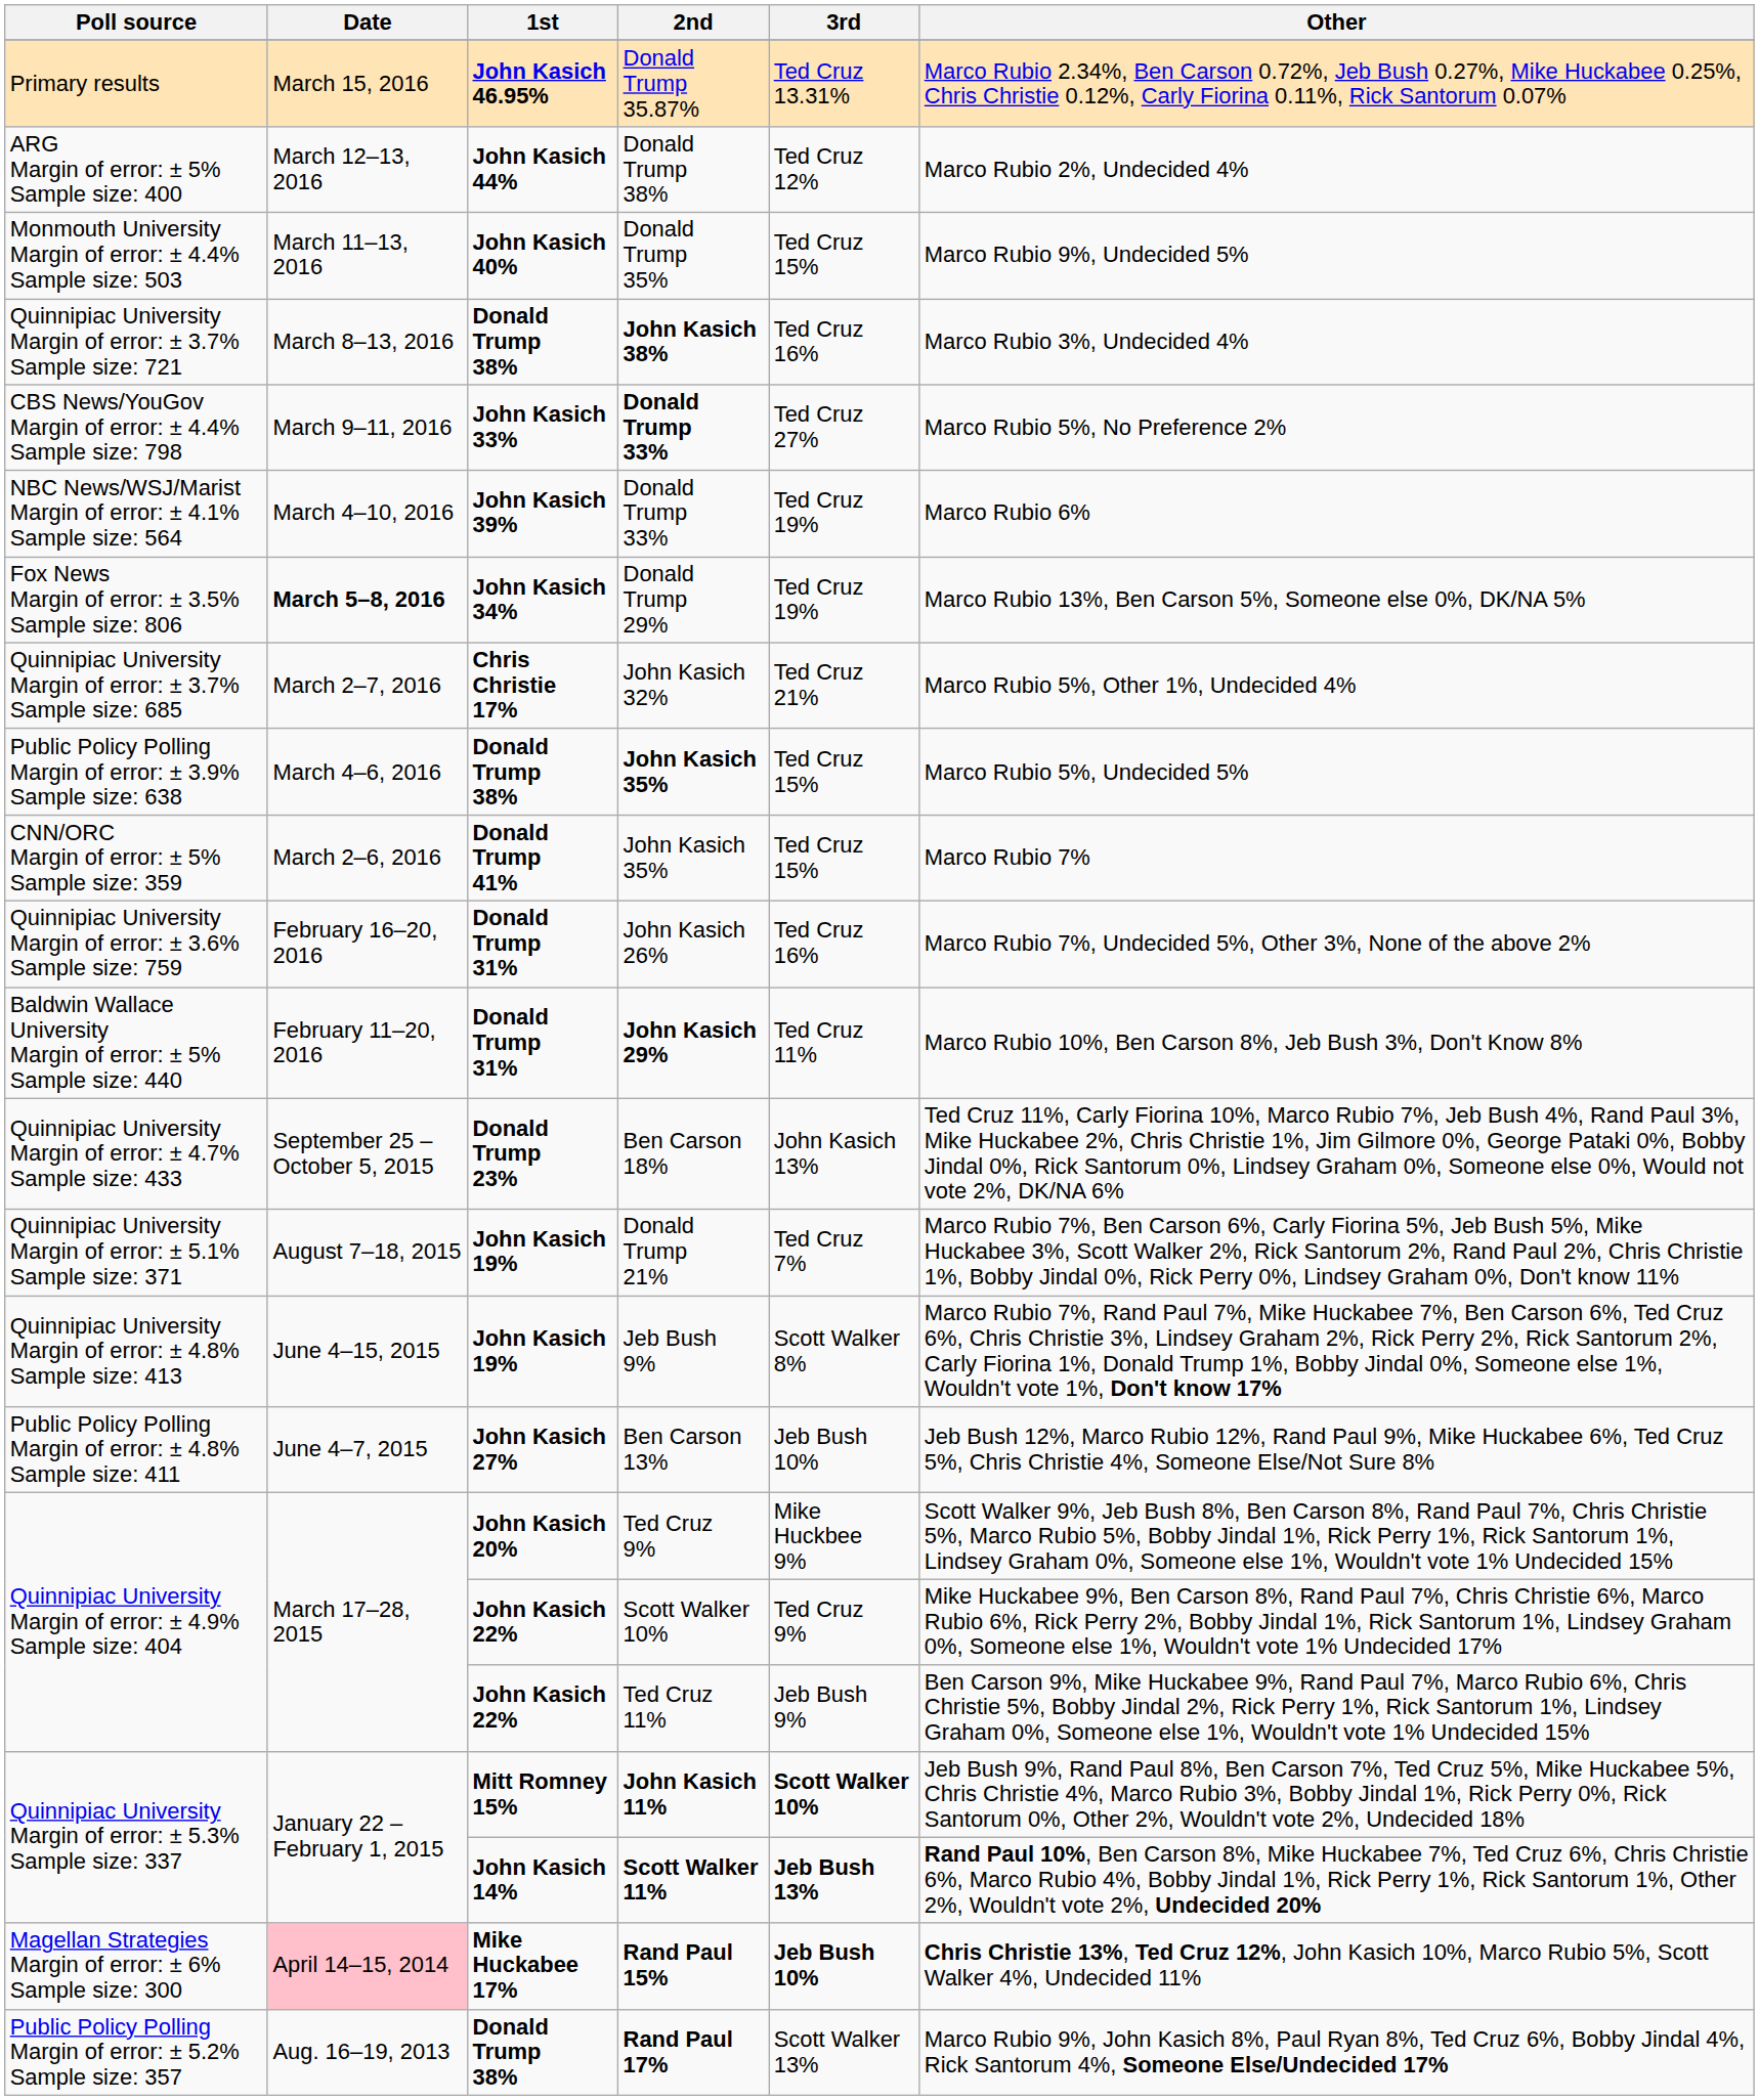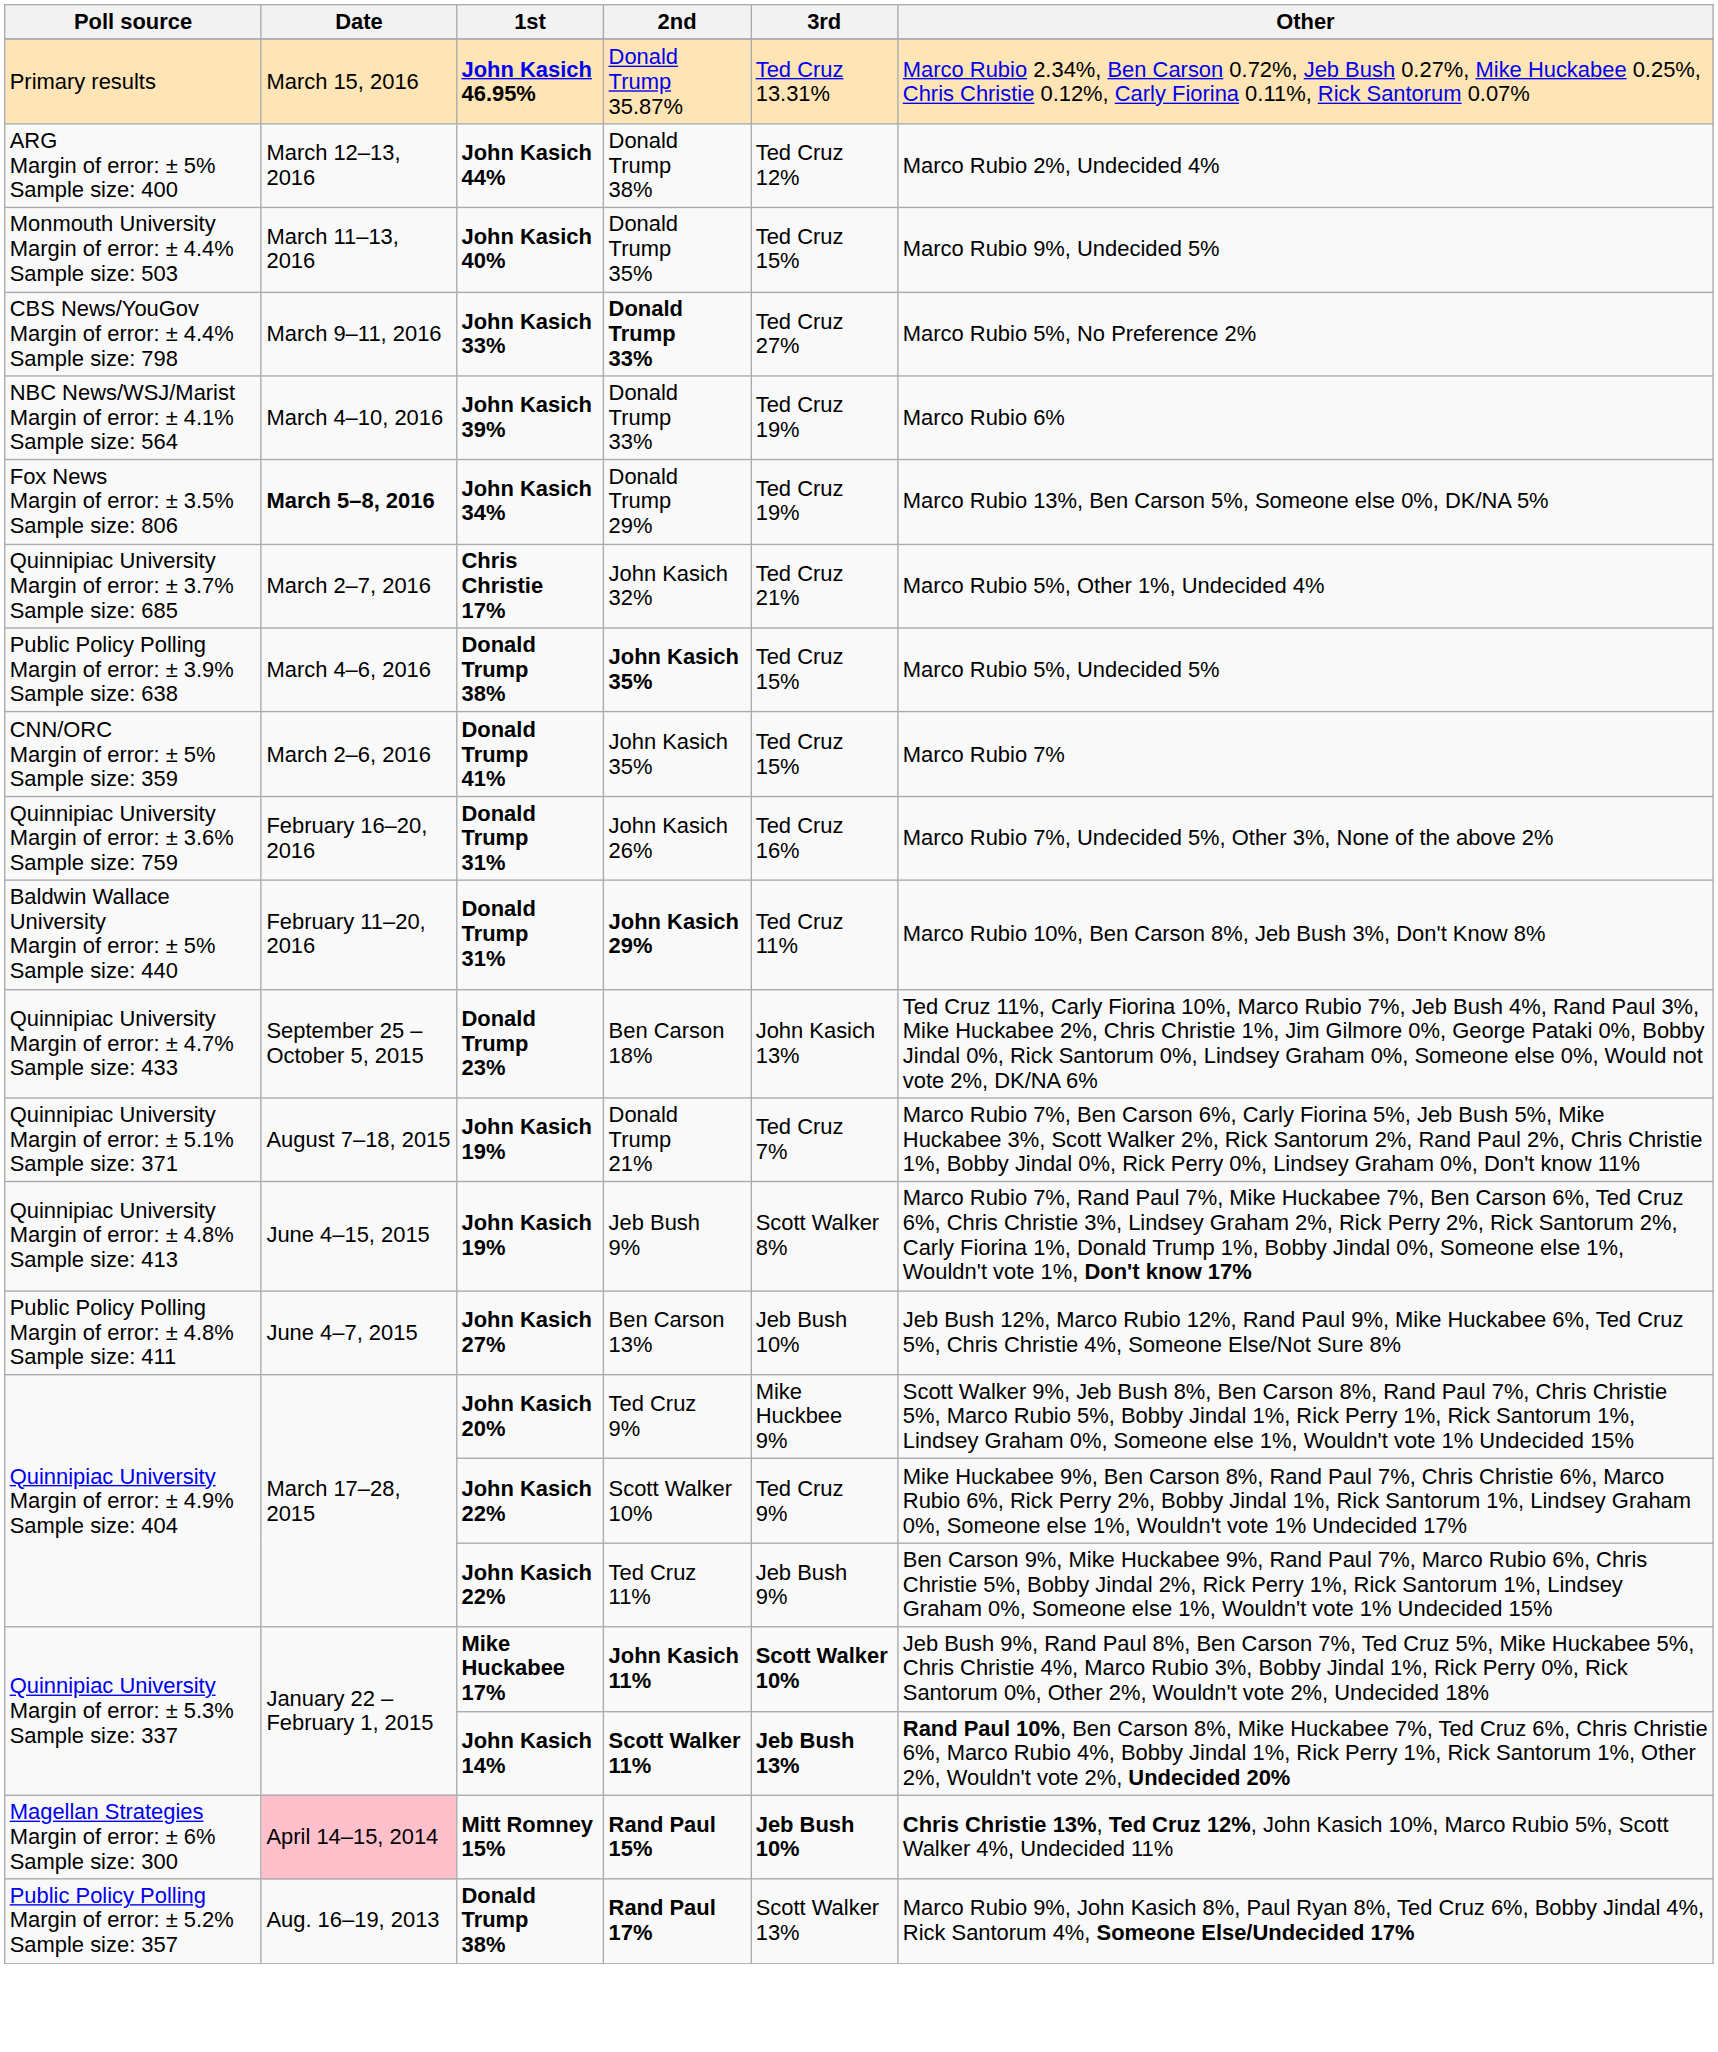 <table class="wikitable">
 <tr>
 <th style="width:180px;">Poll source</th>
 <th style="width:135px;">Date</th>
 <th style="width:100px;">1st</th>
 <th style="width:100px;">2nd</th>
 <th style="width:100px;">3rd</th>
 <th>Other</th>
 </tr>
 <tr>
 </tr>
 <tr style="background:Moccasin;">
 <td>Primary results</td>
 <td>March 15, 2016</td>
 <td><strong><a href='#'>John Kasich</a><br>46.95%</strong></td>
 <td><a href='#'>Donald Trump</a><br>35.87%</td>
 <td><a href='#'>Ted Cruz</a><br>13.31%</td>
 <td><a href='#'>Marco Rubio</a> 2.34%, <a href='#'>Ben Carson</a> 0.72%, <a href='#'>Jeb Bush</a> 0.27%, <a href='#'>Mike Huckabee</a> 0.25%, <a href='#'>Chris Christie</a> 0.12%, <a href='#'>Carly Fiorina</a> 0.11%, <a href='#'>Rick Santorum</a> 0.07%</td>
 </tr>
 <tr>
 <td>ARG<br>Margin of error: ± 5% Sample size: 400</td>
 <td>March 12–13, 2016</td>
 <td><strong>John Kasich<br>44%</strong></td>
 <td>Donald Trump<br>38%</td>
 <td>Ted Cruz<br>12%</td>
 <td>Marco Rubio 2%, Undecided 4%</td>
 </tr>
 <tr>
 <td>Monmouth University<br>Margin of error: ± 4.4% Sample size: 503</td>
 <td>March 11–13, 2016</td>
 <td><strong>John Kasich<br>40%</strong></td>
 <td>Donald Trump<br>35%</td>
 <td>Ted Cruz<br>15%</td>
 <td>Marco Rubio 9%, Undecided 5%</td>
-</tr>
-<tr>
-<td>Quinnipiac University<br>Margin of error: ± 3.7% Sample size: 721</td>
-<td>March 8–13, 2016</td>
-<td><strong>Donald Trump<br>38%</strong></td>
-<td><strong>John Kasich<br>38%</strong></td>
-<td>Ted Cruz<br>16%</td>
-<td>Marco Rubio 3%, Undecided 4%</td>
 </tr>
 <tr>
 <td>CBS News/YouGov<br>Margin of error: ± 4.4% Sample size: 798</td>
 <td>March 9–11, 2016</td>
 <td><strong>John Kasich<br>33%</strong></td>
 <td><strong>Donald Trump<br>33%</strong></td>
 <td>Ted Cruz<br>27%</td>
 <td>Marco Rubio 5%, No Preference 2%</td>
 </tr>
 <tr>
 <td>NBC News/WSJ/Marist<br>Margin of error: ± 4.1% Sample size: 564</td>
 <td>March 4–10, 2016</td>
 <td><strong>John Kasich<br>39%</strong></td>
 <td>Donald Trump<br>33%</td>
 <td>Ted Cruz<br>19%</td>
 <td>Marco Rubio 6%</td>
 </tr>
 <tr>
 <td>Fox News<br>Margin of error: ± 3.5% Sample size: 806</td>
 <td><strong>March 5–8, 2016</strong></td>
 <td><strong>John Kasich<br>34%</strong></td>
 <td>Donald Trump<br>29%</td>
 <td>Ted Cruz<br>19%</td>
 <td>Marco Rubio 13%, Ben Carson 5%, Someone else 0%, DK/NA 5%</td>
 </tr>
 <tr>
 <td>Quinnipiac University<br>Margin of error: ± 3.7% Sample size: 685</td>
 <td>March 2–7, 2016</td>
 <td><strong>Chris Christie<br>17%</strong></td>
 <td>John Kasich<br>32%</td>
 <td>Ted Cruz<br>21%</td>
 <td>Marco Rubio 5%, Other 1%, Undecided 4%</td>
 </tr>
 <tr>
 <td>Public Policy Polling<br>Margin of error: ± 3.9% <br>Sample size: 638</td>
 <td>March 4–6, 2016</td>
 <td><strong>Donald Trump<br>38%</strong></td>
 <td><strong>John Kasich<br>35%</strong></td>
 <td>Ted Cruz<br>15%</td>
 <td>Marco Rubio 5%, Undecided 5%</td>
 </tr>
 <tr>
 <td>CNN/ORC<br>Margin of error: ± 5% Sample size: 359</td>
 <td>March 2–6, 2016</td>
 <td><strong>Donald Trump<br>41%</strong></td>
 <td>John Kasich<br>35%</td>
 <td>Ted Cruz<br>15%</td>
 <td>Marco Rubio 7%</td>
 </tr>
 <tr>
 <td>Quinnipiac University<br>Margin of error: ± 3.6% <br>Sample size: 759</td>
 <td>February 16–20, 2016</td>
 <td><strong>Donald Trump<br>31%</strong></td>
 <td>John Kasich<br>26%</td>
 <td>Ted Cruz<br>16%</td>
 <td>Marco Rubio 7%, Undecided 5%, Other 3%, None of the above 2%</td>
 </tr>
 <tr>
 <td>Baldwin Wallace University<br>Margin of error: ± 5% <br>Sample size: 440</td>
 <td>February 11–20, 2016</td>
 <td><strong>Donald Trump<br>31%</strong></td>
 <td><strong>John Kasich<br>29%</strong></td>
 <td>Ted Cruz<br>11%</td>
 <td>Marco Rubio 10%, Ben Carson 8%, Jeb Bush 3%, Don't Know 8%</td>
 </tr>
 <tr>
 <td>Quinnipiac University<br>Margin of error: ± 4.7% <br>Sample size: 433</td>
 <td>September 25 – October 5, 2015</td>
 <td><strong>Donald Trump<br>23%</strong></td>
 <td>Ben Carson<br>18%</td>
 <td>John Kasich<br>13%</td>
 <td>Ted Cruz 11%, Carly Fiorina 10%, Marco Rubio 7%, Jeb Bush 4%, Rand Paul 3%, Mike Huckabee 2%, Chris Christie 1%, Jim Gilmore 0%, George Pataki 0%, Bobby Jindal 0%, Rick Santorum 0%, Lindsey Graham 0%, Someone else 0%, Would not vote 2%, DK/NA 6%</td>
 </tr>
 <tr>
 <td>Quinnipiac University<br>Margin of error: ± 5.1% <br>Sample size: 371</td>
 <td>August 7–18, 2015</td>
 <td><strong>John Kasich<br>19%</strong></td>
 <td>Donald Trump<br>21%</td>
 <td>Ted Cruz<br>7%</td>
 <td>Marco Rubio 7%, Ben Carson 6%, Carly Fiorina 5%, Jeb Bush 5%, Mike Huckabee 3%, Scott Walker 2%, Rick Santorum 2%, Rand Paul 2%, Chris Christie 1%, Bobby Jindal 0%, Rick Perry 0%, Lindsey Graham 0%, Don't know 11%</td>
 </tr>
 <tr>
 <td>Quinnipiac University<br>Margin of error: ± 4.8% <br>Sample size: 413</td>
 <td>June 4–15, 2015</td>
 <td><strong>John Kasich<br>19%</strong></td>
 <td>Jeb Bush<br>9%</td>
 <td>Scott Walker<br>8%</td>
 <td>Marco Rubio 7%, Rand Paul 7%, Mike Huckabee 7%, Ben Carson 6%, Ted Cruz 6%, Chris Christie 3%, Lindsey Graham 2%, Rick Perry 2%, Rick Santorum 2%, Carly Fiorina 1%, Donald Trump 1%, Bobby Jindal 0%, Someone else 1%, Wouldn't vote 1%, <span><strong>Don't know 17%</strong></span></td>
 </tr>
 <tr>
 <td>Public Policy Polling<br>Margin of error: ± 4.8% <br>Sample size: 411</td>
 <td>June 4–7, 2015</td>
 <td><strong>John Kasich<br>27%</strong></td>
 <td>Ben Carson<br>13%</td>
 <td>Jeb Bush<br>10%</td>
 <td>Jeb Bush 12%, Marco Rubio 12%, Rand Paul 9%, Mike Huckabee 6%, Ted Cruz 5%, Chris Christie 4%, Someone Else/Not Sure 8%</td>
 </tr>
 <tr>
 <td rowspan=3><a href='#'>Quinnipiac University</a><br>Margin of error: ± 4.9% <br>Sample size: 404</td>
 <td rowspan=3>March 17–28, 2015</td>
 <td><strong>John Kasich<br>20%</strong></td>
 <td>Ted Cruz<br>9%</td>
 <td>Mike Huckbee<br>9%</td>
 <td>Scott Walker 9%, Jeb Bush 8%, Ben Carson 8%, Rand Paul 7%, Chris Christie 5%, Marco Rubio 5%, Bobby Jindal 1%, Rick Perry 1%, Rick Santorum 1%, Lindsey Graham 0%, Someone else 1%, Wouldn't vote 1% Undecided 15%</td>
 </tr>
 <tr>
 <td><strong>John Kasich<br>22%</strong></td>
 <td>Scott Walker<br>10%</td>
 <td>Ted Cruz<br>9%</td>
 <td>Mike Huckabee 9%, Ben Carson 8%, Rand Paul 7%, Chris Christie 6%, Marco Rubio 6%, Rick Perry 2%, Bobby Jindal 1%, Rick Santorum 1%, Lindsey Graham 0%, Someone else 1%, Wouldn't vote 1% Undecided 17%</td>
 </tr>
 <tr>
 <td><strong>John Kasich<br>22%</strong></td>
 <td>Ted Cruz<br>11%</td>
 <td>Jeb Bush<br>9%</td>
 <td>Ben Carson 9%, Mike Huckabee 9%, Rand Paul 7%, Marco Rubio 6%, Chris Christie 5%, Bobby Jindal 2%, Rick Perry 1%, Rick Santorum 1%, Lindsey Graham 0%, Someone else 1%, Wouldn't vote 1% Undecided 15%</td>
 </tr>
 <tr>
 <td rowspan=2><a href='#'>Quinnipiac University</a><br>Margin of error: ± 5.3% <br>Sample size: 337</td>
 <td rowspan=2>January 22 – February 1, 2015</td>
-<td><strong>Mitt Romney<br>15%</strong></td>
+<td><strong>Mike Huckabee<br>17%</strong></td>
 <td><strong>John Kasich<br>11%</strong></td>
 <td><strong>Scott Walker<br>10%</strong></td>
 <td>Jeb Bush 9%, Rand Paul 8%, Ben Carson 7%, Ted Cruz 5%, Mike Huckabee 5%, Chris Christie 4%, Marco Rubio 3%, Bobby Jindal 1%, Rick Perry 0%, Rick Santorum 0%, Other 2%, Wouldn't vote 2%, Undecided 18%</td>
 </tr>
 <tr>
 <td><strong>John Kasich<br>14%</strong></td>
 <td><strong>Scott Walker<br>11%</strong></td>
 <td><strong>Jeb Bush<br>13%</strong></td>
 <td><span><strong>Rand Paul 10%</strong></span>, Ben Carson 8%, Mike Huckabee 7%, Ted Cruz 6%, Chris Christie 6%, Marco Rubio 4%, Bobby Jindal 1%, Rick Perry 1%, Rick Santorum 1%, Other 2%, Wouldn't vote 2%, <span><strong>Undecided 20%</strong></span></td>
 </tr>
 <tr>
 <td><a href='#'>Magellan Strategies</a><br>Margin of error: ± 6% <br>Sample size: 300</td>
 <td style="background: pink;">April 14–15, 2014</td>
-<td><strong>Mike Huckabee<br>17%</strong></td>
+<td><strong>Mitt Romney<br>15%</strong></td>
 <td><strong>Rand Paul<br>15%</strong></td>
 <td><strong>Jeb Bush<br>10%</strong></td>
 <td><span><strong>Chris Christie 13%</strong></span>, <span><strong>Ted Cruz 12%</strong></span>, John Kasich 10%, Marco Rubio 5%, Scott Walker 4%, Undecided 11%</td>
 </tr>
 <tr>
 <td><a href='#'>Public Policy Polling</a><br>Margin of error: ± 5.2% <br>Sample size: 357</td>
 <td>Aug. 16–19, 2013</td>
 <td><strong>Donald Trump<br>38%</strong></td>
 <td><strong>Rand Paul<br>17%</strong></td>
 <td>Scott Walker<br>13%</td>
 <td>Marco Rubio 9%, John Kasich 8%, Paul Ryan 8%, Ted Cruz 6%, Bobby Jindal 4%, Rick Santorum 4%, <span><strong>Someone Else/Undecided 17%</strong></span></td>
 </tr>
 </table>
